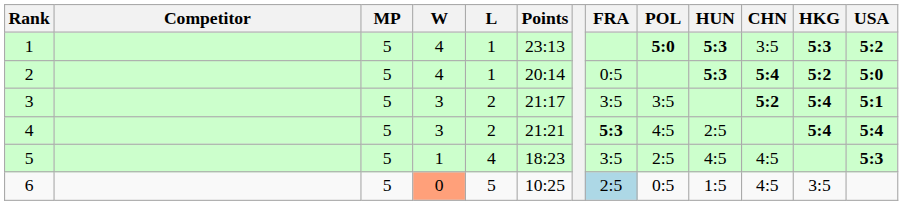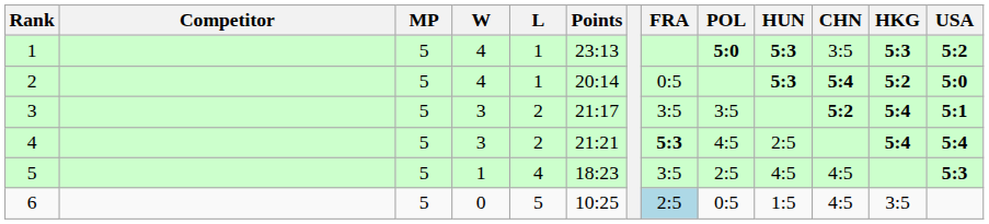 <table class="wikitable" style="text-align:center">
 <tr>
 <th>Rank</th>
 <th style="width:17em">Competitor</th>
 <th style="width:2.5em">MP</th>
 <th style="width:2.5em">W</th>
 <th style="width:2.5em">L</th>
 <th>Points</th>
 <th rowspan="7"> </th>
 <th style="width:2.5em">FRA</th>
 <th style="width:2.5em">POL</th>
 <th style="width:2.5em">HUN</th>
 <th style="width:2.5em">CHN</th>
 <th style="width:2.5em">HKG</th>
 <th style="width:2.5em">USA</th>
 </tr>
 <tr style="background:#cfc;">
 <td>1</td>
 <td style="text-align:left"></td>
 <td>5</td>
 <td>4</td>
 <td>1</td>
 <td>23:13</td>
 <td></td>
 <td><strong>5:0</strong></td>
 <td><strong>5:3</strong></td>
 <td>3:5</td>
 <td><strong>5:3</strong></td>
 <td><strong>5:2</strong></td>
 </tr>
 <tr style="background:#cfc;">
 <td>2</td>
 <td style="text-align:left"></td>
 <td>5</td>
 <td>4</td>
 <td>1</td>
 <td>20:14</td>
 <td>0:5</td>
 <td></td>
 <td><strong>5:3</strong></td>
 <td><strong>5:4</strong></td>
 <td><strong>5:2</strong></td>
 <td><strong>5:0</strong></td>
 </tr>
 <tr style="background:#cfc;">
 <td>3</td>
 <td style="text-align:left"></td>
 <td>5</td>
 <td>3</td>
 <td>2</td>
 <td>21:17</td>
 <td>3:5</td>
 <td>3:5</td>
 <td></td>
 <td><strong>5:2</strong></td>
 <td><strong>5:4</strong></td>
 <td><strong>5:1</strong></td>
 </tr>
 <tr style="background:#cfc;">
 <td>4</td>
 <td style="text-align:left"></td>
 <td>5</td>
 <td>3</td>
 <td>2</td>
 <td>21:21</td>
 <td><strong>5:3</strong></td>
 <td>4:5</td>
 <td>2:5</td>
 <td></td>
 <td><strong>5:4</strong></td>
 <td><strong>5:4</strong></td>
 </tr>
 <tr style="background:#cfc;">
 <td>5</td>
 <td style="text-align:left"></td>
 <td>5</td>
 <td>1</td>
 <td>4</td>
 <td>18:23</td>
 <td>3:5</td>
 <td>2:5</td>
 <td>4:5</td>
 <td>4:5</td>
 <td></td>
 <td><strong>5:3</strong></td>
 </tr>
 <tr>
 <td>6</td>
 <td style="text-align:left"></td>
 <td>5</td>
-<td style="background: lightsalmon;">0</td>
+<td>0</td>
 <td>5</td>
 <td>10:25</td>
 <td style="background: lightblue;">2:5</td>
 <td>0:5</td>
 <td>1:5</td>
 <td>4:5</td>
 <td>3:5</td>
 <td></td>
 </tr>
 </table>
